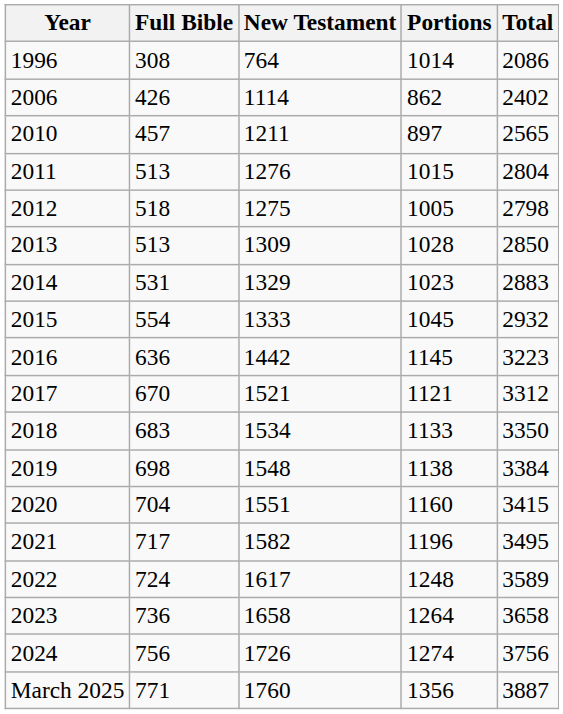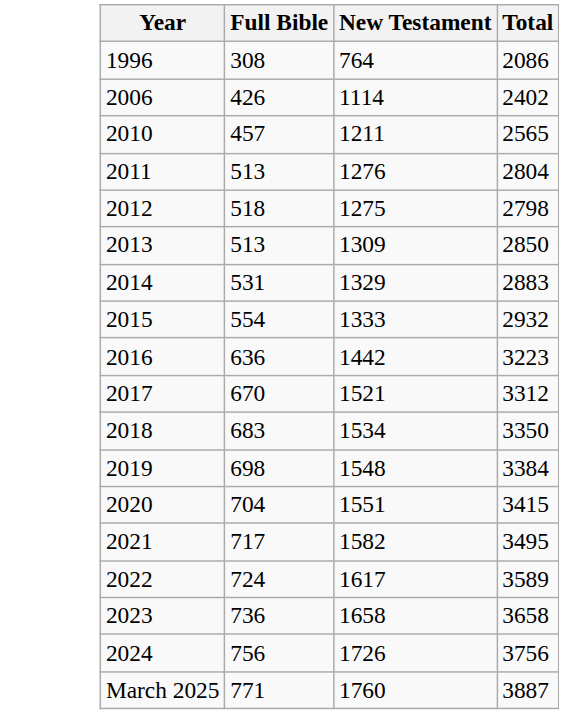 <table class="wikitable" style="margin:auto; front-size:95%; float:right;">
 <tr>
 <th>Year</th>
 <th>Full Bible</th>
 <th>New Testament</th>
-<th>Portions</th>
 <th>Total</th>
 </tr>
 <tr>
 <td>1996</td>
 <td>308</td>
 <td>764</td>
-<td>1014</td>
 <td>2086</td>
 </tr>
 <tr>
 <td>2006</td>
 <td>426</td>
 <td>1114</td>
-<td>862</td>
 <td>2402</td>
 </tr>
 <tr>
 <td>2010</td>
 <td>457</td>
 <td>1211</td>
-<td>897</td>
 <td>2565</td>
 </tr>
 <tr>
 <td>2011</td>
 <td>513</td>
 <td>1276</td>
-<td>1015</td>
 <td>2804</td>
 </tr>
 <tr>
 <td>2012</td>
 <td>518</td>
 <td>1275</td>
-<td>1005</td>
 <td>2798</td>
 </tr>
 <tr>
 <td>2013</td>
 <td>513</td>
 <td>1309</td>
-<td>1028</td>
 <td>2850</td>
 </tr>
 <tr>
 <td>2014</td>
 <td>531</td>
 <td>1329</td>
-<td>1023</td>
 <td>2883</td>
 </tr>
 <tr>
 <td>2015</td>
 <td>554</td>
 <td>1333</td>
-<td>1045</td>
 <td>2932</td>
 </tr>
 <tr>
 <td>2016</td>
 <td>636</td>
 <td>1442</td>
-<td>1145</td>
 <td>3223</td>
 </tr>
 <tr>
 <td>2017</td>
 <td>670</td>
 <td>1521</td>
-<td>1121</td>
 <td>3312</td>
 </tr>
 <tr>
 <td>2018</td>
 <td>683</td>
 <td>1534</td>
-<td>1133</td>
 <td>3350</td>
 </tr>
 <tr>
 <td>2019</td>
 <td>698</td>
 <td>1548</td>
-<td>1138</td>
 <td>3384</td>
 </tr>
 <tr>
 <td>2020</td>
 <td>704</td>
 <td>1551</td>
-<td>1160</td>
 <td>3415</td>
 </tr>
 <tr>
 <td>2021</td>
 <td>717</td>
 <td>1582</td>
-<td>1196</td>
 <td>3495</td>
 </tr>
 <tr>
 <td>2022</td>
 <td>724</td>
 <td>1617</td>
-<td>1248</td>
 <td>3589</td>
 </tr>
 <tr>
 <td>2023</td>
 <td>736</td>
 <td>1658</td>
-<td>1264</td>
 <td>3658</td>
 </tr>
 <tr>
 <td>2024</td>
 <td>756</td>
 <td>1726</td>
-<td>1274</td>
 <td>3756</td>
 </tr>
 <tr>
 <td>March 2025</td>
 <td>771</td>
 <td>1760</td>
-<td>1356</td>
 <td>3887</td>
 </tr>
 </table>
